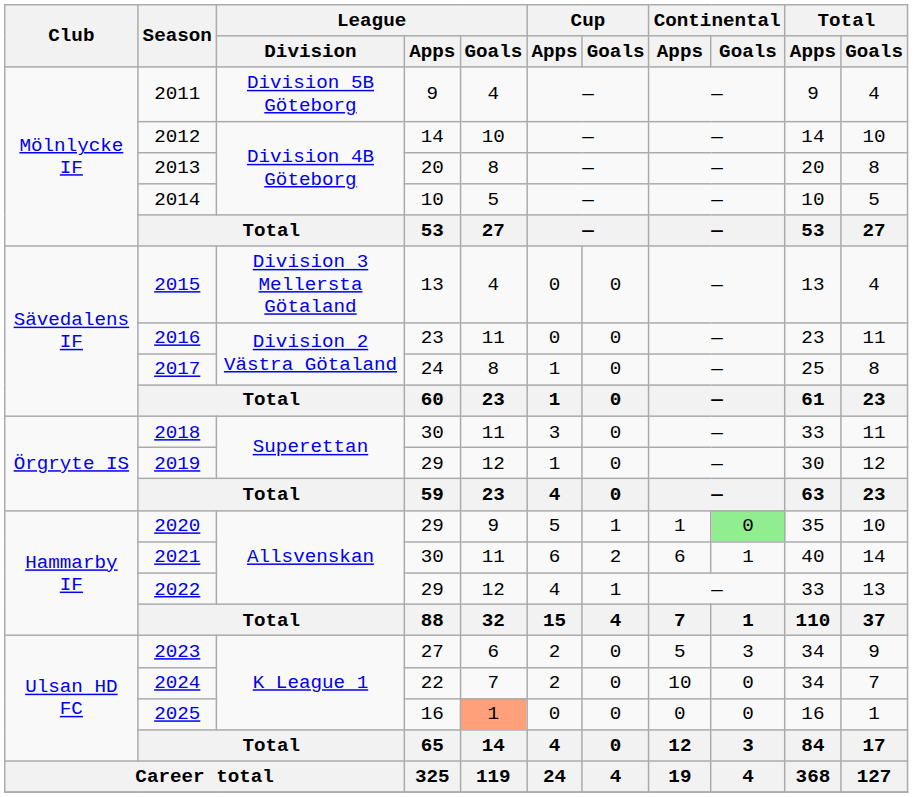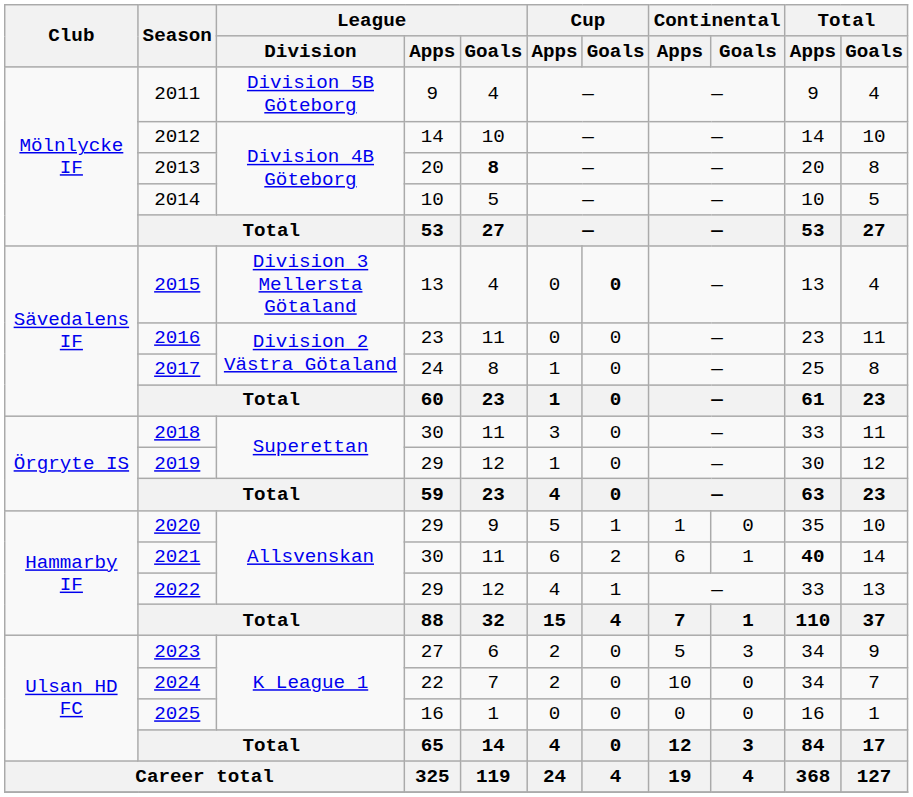 <table class="wikitable" style="text-align:center;">
 <tr>
 <th rowspan="2">Club</th>
 <th rowspan="2">Season</th>
 <th colspan="3">League</th>
 <th colspan="2">Cup</th>
 <th colspan="2">Continental</th>
 <th colspan="2">Total</th>
 </tr>
 <tr>
 <th>Division</th>
 <th>Apps</th>
 <th>Goals</th>
 <th>Apps</th>
 <th>Goals</th>
 <th>Apps</th>
 <th>Goals</th>
 <th>Apps</th>
 <th>Goals</th>
 </tr>
 <tr>
 <td rowspan="5"><a href='#'>Mölnlycke IF</a></td>
 <td>2011</td>
 <td><a href='#'>Division 5B Göteborg</a></td>
 <td>9</td>
 <td>4</td>
 <td colspan="2">—</td>
 <td colspan="2">—</td>
 <td>9</td>
 <td>4</td>
 </tr>
 <tr>
 <td>2012</td>
 <td rowspan="3"><a href='#'>Division 4B Göteborg</a></td>
 <td>14</td>
 <td>10</td>
 <td colspan="2">—</td>
 <td colspan="2">—</td>
 <td>14</td>
 <td>10</td>
 </tr>
 <tr>
 <td>2013</td>
 <td>20</td>
-<td>8</td>
+<td><strong>8</strong></td>
 <td colspan="2">—</td>
 <td colspan="2">—</td>
 <td>20</td>
 <td>8</td>
 </tr>
 <tr>
 <td>2014</td>
 <td>10</td>
 <td>5</td>
 <td colspan="2">—</td>
 <td colspan="2">—</td>
 <td>10</td>
 <td>5</td>
 </tr>
 <tr>
 <th colspan="2">Total</th>
 <th>53</th>
 <th>27</th>
 <th colspan="2">—</th>
 <th colspan="2">—</th>
 <th>53</th>
 <th>27</th>
 </tr>
 <tr>
 <td rowspan="4"><a href='#'>Sävedalens IF</a></td>
 <td><a href='#'>2015</a></td>
 <td rowspan="1" valign="center"><a href='#'>Division 3 Mellersta Götaland</a></td>
 <td>13</td>
 <td>4</td>
 <td>0</td>
-<td>0</td>
+<td><strong>0</strong></td>
 <td colspan="2">—</td>
 <td>13</td>
 <td>4</td>
 </tr>
 <tr>
 <td><a href='#'>2016</a></td>
 <td rowspan="2"><a href='#'>Division 2 Västra Götaland</a></td>
 <td>23</td>
 <td>11</td>
 <td>0</td>
 <td>0</td>
 <td colspan="2">—</td>
 <td>23</td>
 <td>11</td>
 </tr>
 <tr>
 <td><a href='#'>2017</a></td>
 <td>24</td>
 <td>8</td>
 <td>1</td>
 <td>0</td>
 <td colspan="2">—</td>
 <td>25</td>
 <td>8</td>
 </tr>
 <tr>
 <th colspan="2">Total</th>
 <th>60</th>
 <th>23</th>
 <th>1</th>
 <th>0</th>
 <th colspan="2">—</th>
 <th>61</th>
 <th>23</th>
 </tr>
 <tr>
 <td rowspan="3"><a href='#'>Örgryte IS</a></td>
 <td><a href='#'>2018</a></td>
 <td rowspan="2"><a href='#'>Superettan</a></td>
 <td>30</td>
 <td>11</td>
 <td>3</td>
 <td>0</td>
 <td colspan="2">—</td>
 <td>33</td>
 <td>11</td>
 </tr>
 <tr>
 <td><a href='#'>2019</a></td>
 <td>29</td>
 <td>12</td>
 <td>1</td>
 <td>0</td>
 <td colspan="2">—</td>
 <td>30</td>
 <td>12</td>
 </tr>
 <tr>
 <th colspan="2">Total</th>
 <th>59</th>
 <th>23</th>
 <th>4</th>
 <th>0</th>
 <th colspan="2">—</th>
 <th>63</th>
 <th>23</th>
 </tr>
 <tr>
 <td rowspan="4"><a href='#'>Hammarby IF</a></td>
 <td><a href='#'>2020</a></td>
 <td rowspan="3"><a href='#'>Allsvenskan</a></td>
 <td>29</td>
 <td>9</td>
 <td>5</td>
 <td>1</td>
 <td>1</td>
-<td style="background: lightgreen;">0</td>
+<td>0</td>
 <td>35</td>
 <td>10</td>
 </tr>
 <tr>
 <td><a href='#'>2021</a></td>
 <td>30</td>
 <td>11</td>
 <td>6</td>
 <td>2</td>
 <td>6</td>
 <td>1</td>
-<td>40</td>
+<td><strong>40</strong></td>
 <td>14</td>
 </tr>
 <tr>
 <td><a href='#'>2022</a></td>
 <td>29</td>
 <td>12</td>
 <td>4</td>
 <td>1</td>
 <td colspan="2">—</td>
 <td>33</td>
 <td>13</td>
 </tr>
 <tr>
 <th colspan="2">Total</th>
 <th>88</th>
 <th>32</th>
 <th>15</th>
 <th>4</th>
 <th>7</th>
 <th>1</th>
 <th>110</th>
 <th>37</th>
 </tr>
 <tr>
 <td rowspan="4"><a href='#'>Ulsan HD FC</a></td>
 <td><a href='#'>2023</a></td>
 <td rowspan="3"><a href='#'>K League 1</a></td>
 <td>27</td>
 <td>6</td>
 <td>2</td>
 <td>0</td>
 <td>5</td>
 <td>3</td>
 <td>34</td>
 <td>9</td>
 </tr>
 <tr>
 <td><a href='#'>2024</a></td>
 <td>22</td>
 <td>7</td>
 <td>2</td>
 <td>0</td>
 <td>10</td>
 <td>0</td>
 <td>34</td>
 <td>7</td>
 </tr>
 <tr>
 <td><a href='#'>2025</a></td>
 <td>16</td>
-<td style="background: lightsalmon;">1</td>
+<td>1</td>
 <td>0</td>
 <td>0</td>
 <td>0</td>
 <td>0</td>
 <td>16</td>
 <td>1</td>
 </tr>
 <tr>
 <th colspan="2">Total</th>
 <th>65</th>
 <th>14</th>
 <th>4</th>
 <th>0</th>
 <th>12</th>
 <th>3</th>
 <th>84</th>
 <th>17</th>
 </tr>
 <tr>
 <th colspan="3">Career total</th>
 <th>325</th>
 <th>119</th>
 <th>24</th>
 <th>4</th>
 <th>19</th>
 <th>4</th>
 <th>368</th>
 <th>127</th>
 </tr>
 <tr>
 </tr>
 </table>
